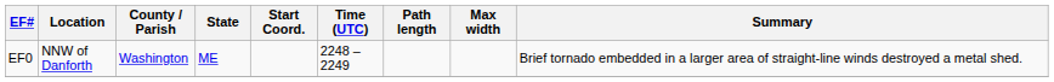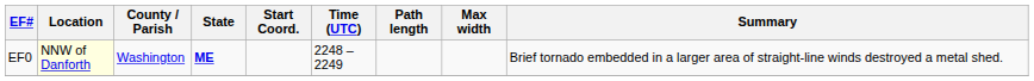 <table class="wikitable sortable" style="width:100%;">
 <tr>
 <th scope="col" width="3%" align="center"><a href='#'>EF#</a></th>
 <th scope="col" width="7%" align="center" class="unsortable">Location</th>
 <th scope="col" width="6%" align="center" class="unsortable">County / Parish</th>
 <th scope="col" width="5%" align="center">State</th>
 <th scope="col" width="6%" align="center">Start Coord.</th>
 <th scope="col" width="6%" align="center">Time (<a href='#'>UTC</a>)</th>
 <th scope="col" width="6%" align="center">Path length</th>
 <th scope="col" width="6%" align="center">Max width</th>
 <th scope="col" width="48%" class="unsortable" align="center">Summary</th>
 </tr>
 <tr>
 <td>EF0</td>
-<td>NNW of <a href='#'>Danforth</a></td>
+<td style="background: lightyellow;">NNW of <a href='#'>Danforth</a></td>
 <td><a href='#'>Washington</a></td>
-<td><a href='#'>ME</a></td>
+<td><strong><a href='#'>ME</a></strong></td>
 <td></td>
 <td>2248 – 2249</td>
 <td></td>
 <td></td>
 <td>Brief tornado embedded in a larger area of straight-line winds destroyed a metal shed.</td>
 </tr>
 <tr>
 </tr>
 </table>
